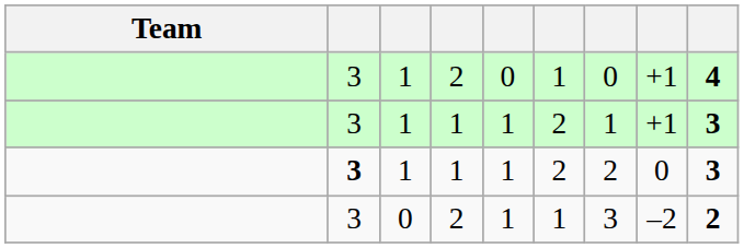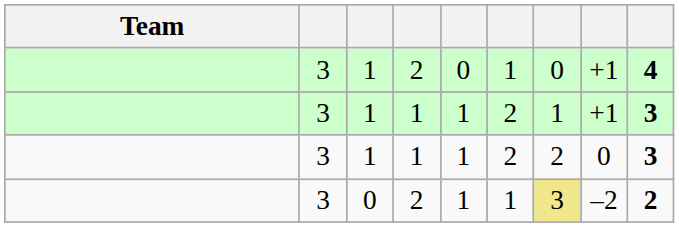 <table class="wikitable" style="text-align:center;">
 <tr>
 <th width=165>Team</th>
 <th width=20></th>
 <th width=20></th>
 <th width=20></th>
 <th width=20></th>
 <th width=20></th>
 <th width=20></th>
 <th width=20></th>
 <th width=20></th>
 </tr>
 <tr bgcolor="#ccffcc">
 <td align="left"></td>
 <td>3</td>
 <td>1</td>
 <td>2</td>
 <td>0</td>
 <td>1</td>
 <td>0</td>
 <td>+1</td>
 <td><strong>4</strong></td>
 </tr>
 <tr bgcolor="#ccffcc">
 <td align="left"></td>
 <td>3</td>
 <td>1</td>
 <td>1</td>
 <td>1</td>
 <td>2</td>
 <td>1</td>
 <td>+1</td>
 <td><strong>3</strong></td>
 </tr>
 <tr>
 <td align="left"></td>
-<td><strong>3</strong></td>
+<td>3</td>
 <td>1</td>
 <td>1</td>
 <td>1</td>
 <td>2</td>
 <td>2</td>
 <td>0</td>
 <td><strong>3</strong></td>
 </tr>
 <tr>
 <td align="left"></td>
 <td>3</td>
 <td>0</td>
 <td>2</td>
 <td>1</td>
 <td>1</td>
-<td>3</td>
+<td style="background: khaki;">3</td>
 <td>–2</td>
 <td><strong>2</strong></td>
 </tr>
 </table>
